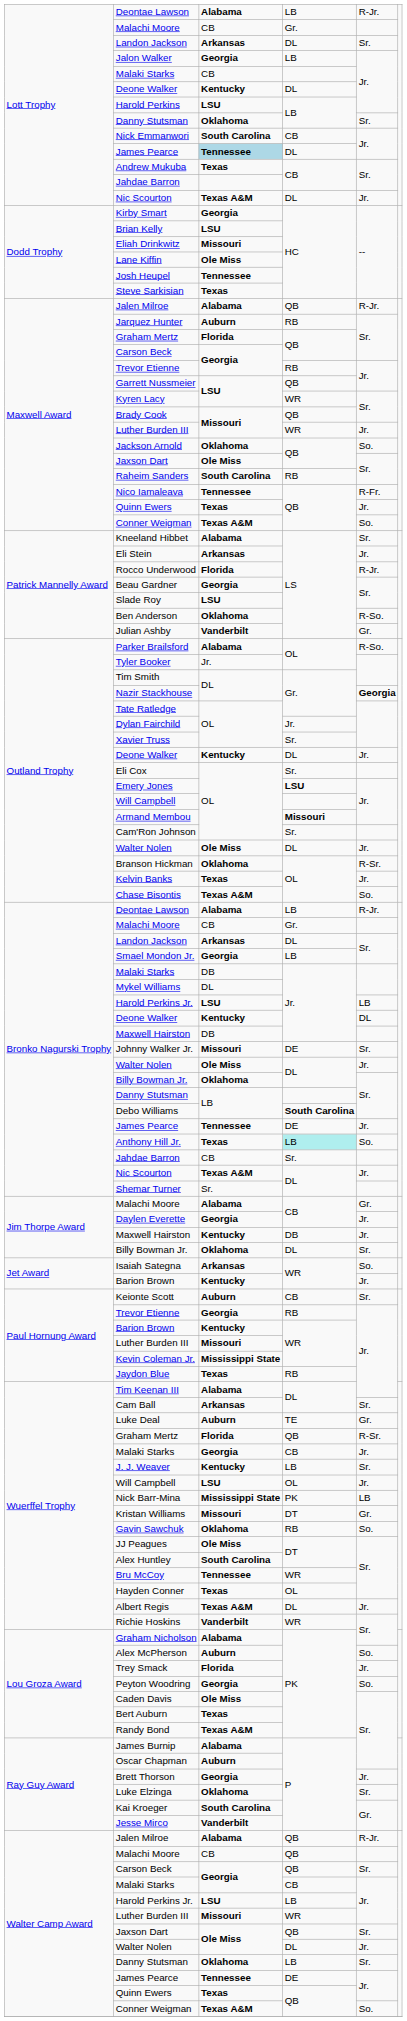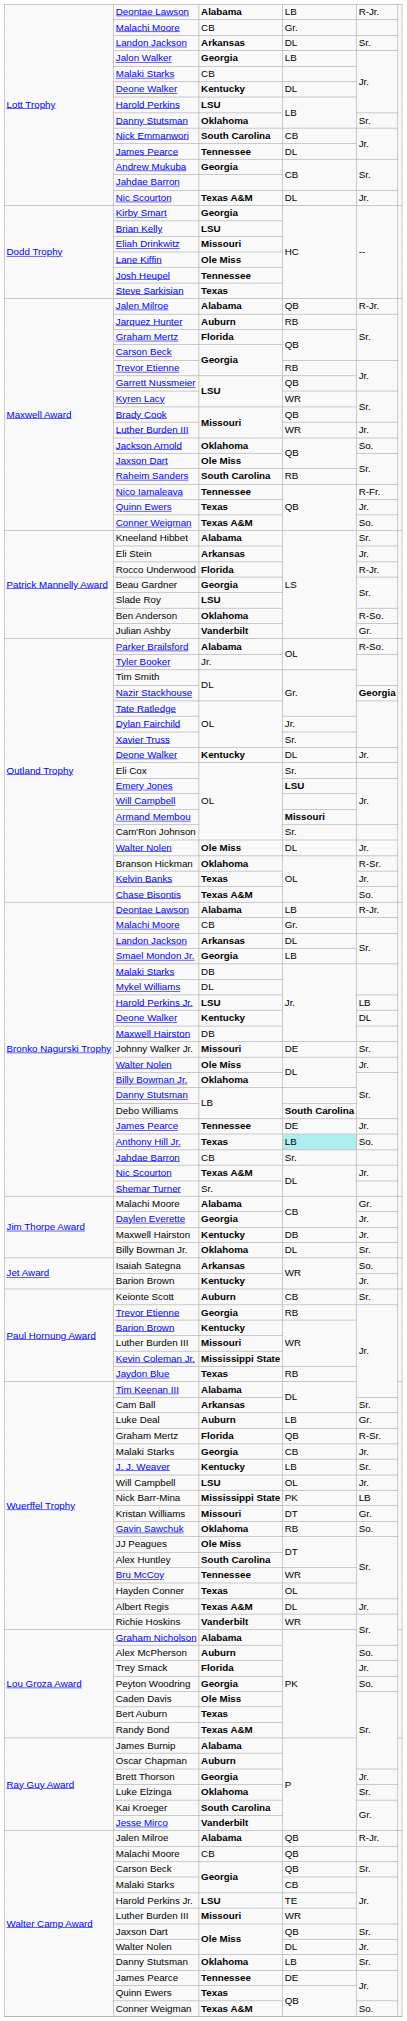 <table class="wikitable">
 <tr>
 <td rowspan=13><a href='#'>Lott Trophy</a></td>
 <td><a href='#'>Deontae Lawson</a></td>
 <td><strong>Alabama</strong></td>
 <td>LB</td>
 <td>R-Jr.</td>
 <td rowspan=13></td>
 </tr>
 <tr>
 <td><a href='#'>Malachi Moore</a></td>
 <td>CB</td>
 <td>Gr.</td>
 </tr>
 <tr>
 <td><a href='#'>Landon Jackson</a></td>
 <td><strong>Arkansas</strong></td>
 <td>DL</td>
 <td>Sr.</td>
 </tr>
 <tr>
 <td><a href='#'>Jalon Walker</a></td>
 <td><strong>Georgia</strong></td>
 <td>LB</td>
 <td rowspan=4>Jr.</td>
 </tr>
 <tr>
 <td><a href='#'>Malaki Starks</a></td>
 <td>CB</td>
 </tr>
 <tr>
 <td><a href='#'>Deone Walker</a></td>
 <td><strong>Kentucky</strong></td>
 <td>DL</td>
 </tr>
 <tr>
 <td><a href='#'>Harold Perkins</a></td>
 <td><strong>LSU</strong></td>
 <td rowspan=2>LB</td>
 </tr>
 <tr>
 <td><a href='#'>Danny Stutsman</a></td>
 <td><strong>Oklahoma</strong></td>
 <td>Sr.</td>
 </tr>
 <tr>
 <td><a href='#'>Nick Emmanwori</a></td>
 <td><strong>South Carolina</strong></td>
 <td>CB</td>
 <td rowspan=2>Jr.</td>
 </tr>
 <tr>
 <td><a href='#'>James Pearce</a></td>
-<td style="background: lightblue;"><strong>Tennessee</strong></td>
+<td><strong>Tennessee</strong></td>
 <td>DL</td>
 </tr>
 <tr>
 <td><a href='#'>Andrew Mukuba</a></td>
-<td><strong>Texas</strong></td>
+<td><strong>Georgia</strong></td>
 <td rowspan=2>CB</td>
 <td rowspan=2>Sr.</td>
 </tr>
 <tr>
 <td><a href='#'>Jahdae Barron</a></td>
 </tr>
 <tr>
 <td><a href='#'>Nic Scourton</a></td>
 <td><strong>Texas A&M</strong></td>
 <td>DL</td>
 <td>Jr.</td>
 </tr>
 <tr>
 <td rowspan=6><a href='#'>Dodd Trophy</a></td>
 <td><a href='#'>Kirby Smart</a></td>
 <td><strong>Georgia</strong></td>
 <td rowspan=6>HC</td>
 <td rowspan=6>--</td>
 <td rowspan=6></td>
 </tr>
 <tr>
 <td><a href='#'>Brian Kelly</a></td>
 <td><strong>LSU</strong></td>
 </tr>
 <tr>
 <td><a href='#'>Eliah Drinkwitz</a></td>
 <td><strong>Missouri</strong></td>
 </tr>
 <tr>
 <td><a href='#'>Lane Kiffin</a></td>
 <td><strong>Ole Miss</strong></td>
 </tr>
 <tr>
 <td><a href='#'>Josh Heupel</a></td>
 <td><strong>Tennessee</strong></td>
 </tr>
 <tr>
 <td><a href='#'>Steve Sarkisian</a></td>
 <td><strong>Texas</strong></td>
 </tr>
 <tr>
 <td rowspan=15><a href='#'>Maxwell Award</a></td>
 <td><a href='#'>Jalen Milroe</a></td>
 <td><strong>Alabama</strong></td>
 <td>QB</td>
 <td>R-Jr.</td>
 <td rowspan=15></td>
 </tr>
 <tr>
 <td><a href='#'>Jarquez Hunter</a></td>
 <td><strong>Auburn</strong></td>
 <td>RB</td>
 <td rowspan=3>Sr.</td>
 </tr>
 <tr>
 <td><a href='#'>Graham Mertz</a></td>
 <td><strong>Florida</strong></td>
 <td rowspan=2>QB</td>
 </tr>
 <tr>
 <td><a href='#'>Carson Beck</a></td>
 <td rowspan=2><strong>Georgia</strong></td>
 </tr>
 <tr>
 <td><a href='#'>Trevor Etienne</a></td>
 <td>RB</td>
 <td rowspan=2>Jr.</td>
 </tr>
 <tr>
 <td><a href='#'>Garrett Nussmeier</a></td>
 <td rowspan=2><strong>LSU</strong></td>
 <td>QB</td>
 </tr>
 <tr>
 <td><a href='#'>Kyren Lacy</a></td>
 <td>WR</td>
 <td rowspan=2>Sr.</td>
 </tr>
 <tr>
 <td><a href='#'>Brady Cook</a></td>
 <td rowspan=2><strong>Missouri</strong></td>
 <td>QB</td>
 </tr>
 <tr>
 <td><a href='#'>Luther Burden III</a></td>
 <td>WR</td>
 <td>Jr.</td>
 </tr>
 <tr>
 <td><a href='#'>Jackson Arnold</a></td>
 <td><strong>Oklahoma</strong></td>
 <td rowspan=2>QB</td>
 <td>So.</td>
 </tr>
 <tr>
 <td><a href='#'>Jaxson Dart</a></td>
 <td><strong>Ole Miss</strong></td>
 <td rowspan=2>Sr.</td>
 </tr>
 <tr>
 <td><a href='#'>Raheim Sanders</a></td>
 <td><strong>South Carolina</strong></td>
 <td>RB</td>
 </tr>
 <tr>
 <td><a href='#'>Nico Iamaleava</a></td>
 <td><strong>Tennessee</strong></td>
 <td rowspan=3>QB</td>
 <td>R-Fr.</td>
 </tr>
 <tr>
 <td><a href='#'>Quinn Ewers</a></td>
 <td><strong>Texas</strong></td>
 <td>Jr.</td>
 </tr>
 <tr>
 <td><a href='#'>Conner Weigman</a></td>
 <td><strong>Texas A&M</strong></td>
 <td>So.</td>
 </tr>
 <tr>
 <td rowspan=7><a href='#'>Patrick Mannelly Award</a></td>
 <td>Kneeland Hibbet</td>
 <td><strong>Alabama</strong></td>
 <td rowspan=7>LS</td>
 <td>Sr.</td>
 <td rowspan=7></td>
 </tr>
 <tr>
 <td>Eli Stein</td>
 <td><strong>Arkansas</strong></td>
 <td>Jr.</td>
 </tr>
 <tr>
 <td>Rocco Underwood</td>
 <td><strong>Florida</strong></td>
 <td>R-Jr.</td>
 </tr>
 <tr>
 <td>Beau Gardner</td>
 <td><strong>Georgia</strong></td>
 <td rowspan=2>Sr.</td>
 </tr>
 <tr>
 <td>Slade Roy</td>
 <td><strong>LSU</strong></td>
 </tr>
 <tr>
 <td>Ben Anderson</td>
 <td><strong>Oklahoma</strong></td>
 <td>R-So.</td>
 </tr>
 <tr>
 <td>Julian Ashby</td>
 <td><strong>Vanderbilt</strong></td>
 <td>Gr.</td>
 </tr>
 <tr>
 <td rowspan=17><a href='#'>Outland Trophy</a></td>
 <td><a href='#'>Parker Brailsford</a></td>
 <td><strong>Alabama</strong></td>
 <td rowspan=2>OL</td>
 <td>R-So.</td>
 <td rowspan=17></td>
 </tr>
 <tr>
 <td><a href='#'>Tyler Booker</a></td>
 <td>Jr.</td>
 </tr>
 <tr>
 <td>Tim Smith</td>
 <td rowspan=2>DL</td>
 <td rowspan=3>Gr.</td>
 </tr>
 <tr>
 <td><a href='#'>Nazir Stackhouse</a></td>
 <td><strong>Georgia</strong></td>
 </tr>
 <tr>
 <td><a href='#'>Tate Ratledge</a></td>
 <td rowspan=3>OL</td>
 </tr>
 <tr>
 <td><a href='#'>Dylan Fairchild</a></td>
 <td>Jr.</td>
 </tr>
 <tr>
 <td><a href='#'>Xavier Truss</a></td>
 <td>Sr.</td>
 </tr>
 <tr>
 <td><a href='#'>Deone Walker</a></td>
 <td><strong>Kentucky</strong></td>
 <td>DL</td>
 <td>Jr.</td>
 </tr>
 <tr>
 <td>Eli Cox</td>
 <td rowspan=5>OL</td>
 <td>Sr.</td>
 </tr>
 <tr>
 <td><a href='#'>Emery Jones</a></td>
 <td><strong>LSU</strong></td>
 <td rowspan=3>Jr.</td>
 </tr>
 <tr>
 <td><a href='#'>Will Campbell</a></td>
 </tr>
 <tr>
 <td><a href='#'>Armand Membou</a></td>
 <td><strong>Missouri</strong></td>
 </tr>
 <tr>
 <td>Cam'Ron Johnson</td>
 <td>Sr.</td>
 </tr>
 <tr>
 <td><a href='#'>Walter Nolen</a></td>
 <td><strong>Ole Miss</strong></td>
 <td>DL</td>
 <td>Jr.</td>
 </tr>
 <tr>
 <td>Branson Hickman</td>
 <td><strong>Oklahoma</strong></td>
 <td rowspan=3>OL</td>
 <td>R-Sr.</td>
 </tr>
 <tr>
 <td><a href='#'>Kelvin Banks</a></td>
 <td><strong>Texas</strong></td>
 <td>Jr.</td>
 </tr>
 <tr>
 <td><a href='#'>Chase Bisontis</a></td>
 <td><strong>Texas A&M</strong></td>
 <td>So.</td>
 </tr>
 <tr>
 <td rowspan=19><a href='#'>Bronko Nagurski Trophy</a></td>
 <td><a href='#'>Deontae Lawson</a></td>
 <td><strong>Alabama</strong></td>
 <td>LB</td>
 <td>R-Jr.</td>
 <td rowspan=19></td>
 </tr>
 <tr>
 <td><a href='#'>Malachi Moore</a></td>
 <td>CB</td>
 <td>Gr.</td>
 </tr>
 <tr>
 <td><a href='#'>Landon Jackson</a></td>
 <td><strong>Arkansas</strong></td>
 <td>DL</td>
 <td rowspan=2>Sr.</td>
 </tr>
 <tr>
 <td><a href='#'>Smael Mondon Jr.</a></td>
 <td><strong>Georgia</strong></td>
 <td>LB</td>
 </tr>
 <tr>
 <td><a href='#'>Malaki Starks</a></td>
 <td>DB</td>
 <td rowspan=5>Jr.</td>
 </tr>
 <tr>
 <td><a href='#'>Mykel Williams</a></td>
 <td>DL</td>
 </tr>
 <tr>
 <td><a href='#'>Harold Perkins Jr.</a></td>
 <td><strong>LSU</strong></td>
 <td>LB</td>
 </tr>
 <tr>
 <td><a href='#'>Deone Walker</a></td>
 <td><strong>Kentucky</strong></td>
 <td>DL</td>
 </tr>
 <tr>
 <td><a href='#'>Maxwell Hairston</a></td>
 <td>DB</td>
 </tr>
 <tr>
 <td>Johnny Walker Jr.</td>
 <td><strong>Missouri</strong></td>
 <td>DE</td>
 <td>Sr.</td>
 </tr>
 <tr>
 <td><a href='#'>Walter Nolen</a></td>
 <td><strong>Ole Miss</strong></td>
 <td rowspan=2>DL</td>
 <td>Jr.</td>
 </tr>
 <tr>
 <td><a href='#'>Billy Bowman Jr.</a></td>
 <td><strong>Oklahoma</strong></td>
 <td rowspan=3>Sr.</td>
 </tr>
 <tr>
 <td><a href='#'>Danny Stutsman</a></td>
 <td rowspan=2>LB</td>
 </tr>
 <tr>
 <td>Debo Williams</td>
 <td><strong>South Carolina</strong></td>
 </tr>
 <tr>
 <td><a href='#'>James Pearce</a></td>
 <td><strong>Tennessee</strong></td>
 <td>DE</td>
 <td>Jr.</td>
 </tr>
 <tr>
 <td><a href='#'>Anthony Hill Jr.</a></td>
 <td><strong>Texas</strong></td>
 <td style="background: paleturquoise;">LB</td>
 <td>So.</td>
 </tr>
 <tr>
 <td><a href='#'>Jahdae Barron</a></td>
 <td>CB</td>
 <td>Sr.</td>
 </tr>
 <tr>
 <td><a href='#'>Nic Scourton</a></td>
 <td><strong>Texas A&M</strong></td>
 <td rowspan=2>DL</td>
 <td>Jr.</td>
 </tr>
 <tr>
 <td><a href='#'>Shemar Turner</a></td>
 <td>Sr.</td>
 </tr>
 <tr>
 <td rowspan=4><a href='#'>Jim Thorpe Award</a></td>
 <td>Malachi Moore</td>
 <td><strong>Alabama</strong></td>
 <td rowspan=2>CB</td>
 <td>Gr.</td>
 <td rowspan=4></td>
 </tr>
 <tr>
 <td><a href='#'>Daylen Everette</a></td>
 <td><strong>Georgia</strong></td>
 <td>Jr.</td>
 </tr>
 <tr>
 <td>Maxwell Hairston</td>
 <td><strong>Kentucky</strong></td>
 <td>DB</td>
 <td>Jr.</td>
 </tr>
 <tr>
 <td>Billy Bowman Jr.</td>
 <td><strong>Oklahoma</strong></td>
 <td>DL</td>
 <td>Sr.</td>
 </tr>
 <tr>
 <td rowspan=2><a href='#'>Jet Award</a></td>
 <td>Isaiah Sategna</td>
 <td><strong>Arkansas</strong></td>
 <td rowspan=2>WR</td>
 <td>So.</td>
 <td rowspan=2></td>
 </tr>
 <tr>
 <td>Barion Brown</td>
 <td><strong>Kentucky</strong></td>
 <td>Jr.</td>
 </tr>
 <tr>
 <td rowspan=6><a href='#'>Paul Hornung Award</a></td>
 <td>Keionte Scott</td>
 <td><strong>Auburn</strong></td>
 <td>CB</td>
 <td>Sr.</td>
 <td rowspan=6></td>
 </tr>
 <tr>
 <td><a href='#'>Trevor Etienne</a></td>
 <td><strong>Georgia</strong></td>
 <td>RB</td>
 <td rowspan=6>Jr.</td>
 </tr>
 <tr>
 <td><a href='#'>Barion Brown</a></td>
 <td><strong>Kentucky</strong></td>
 <td rowspan=3>WR</td>
 </tr>
 <tr>
 <td>Luther Burden III</td>
 <td><strong>Missouri</strong></td>
 </tr>
 <tr>
 <td><a href='#'>Kevin Coleman Jr.</a></td>
 <td><strong>Mississippi State</strong></td>
 </tr>
 <tr>
 <td><a href='#'>Jaydon Blue</a></td>
 <td><strong>Texas</strong></td>
 <td>RB</td>
 </tr>
 <tr>
 <td rowspan=16><a href='#'>Wuerffel Trophy</a></td>
 <td><a href='#'>Tim Keenan III</a></td>
 <td><strong>Alabama</strong></td>
 <td rowspan=2>DL</td>
 <td rowspan=16></td>
 </tr>
 <tr>
 <td>Cam Ball</td>
 <td><strong>Arkansas</strong></td>
 <td>Sr.</td>
 </tr>
 <tr>
 <td>Luke Deal</td>
 <td><strong>Auburn</strong></td>
-<td>TE</td>
+<td>LB</td>
 <td>Gr.</td>
 </tr>
 <tr>
 <td>Graham Mertz</td>
 <td><strong>Florida</strong></td>
 <td>QB</td>
 <td>R-Sr.</td>
 </tr>
 <tr>
 <td>Malaki Starks</td>
 <td><strong>Georgia</strong></td>
 <td>CB</td>
 <td>Jr.</td>
 </tr>
 <tr>
 <td><a href='#'>J. J. Weaver</a></td>
 <td><strong>Kentucky</strong></td>
 <td>LB</td>
 <td>Sr.</td>
 </tr>
 <tr>
 <td>Will Campbell</td>
 <td><strong>LSU</strong></td>
 <td>OL</td>
 <td>Jr.</td>
 </tr>
 <tr>
 <td>Nick Barr-Mina</td>
 <td><strong>Mississippi State</strong></td>
 <td>PK</td>
 <td>LB</td>
 </tr>
 <tr>
 <td>Kristan Williams</td>
 <td><strong>Missouri</strong></td>
 <td>DT</td>
 <td>Gr.</td>
 </tr>
 <tr>
 <td><a href='#'>Gavin Sawchuk</a></td>
 <td><strong>Oklahoma</strong></td>
 <td>RB</td>
 <td>So.</td>
 </tr>
 <tr>
 <td>JJ Peagues</td>
 <td><strong>Ole Miss</strong></td>
 <td rowspan=2>DT</td>
 <td rowspan=4>Sr.</td>
 </tr>
 <tr>
 <td>Alex Huntley</td>
 <td><strong>South Carolina</strong></td>
 </tr>
 <tr>
 <td><a href='#'>Bru McCoy</a></td>
 <td><strong>Tennessee</strong></td>
 <td>WR</td>
 </tr>
 <tr>
 <td>Hayden Conner</td>
 <td><strong>Texas</strong></td>
 <td>OL</td>
 </tr>
 <tr>
 <td>Albert Regis</td>
 <td><strong>Texas A&M</strong></td>
 <td>DL</td>
 <td>Jr.</td>
 </tr>
 <tr>
 <td>Richie Hoskins</td>
 <td><strong>Vanderbilt</strong></td>
 <td>WR</td>
 <td rowspan=2>Sr.</td>
 </tr>
 <tr>
 <td rowspan=7><a href='#'>Lou Groza Award</a></td>
 <td><a href='#'>Graham Nicholson</a></td>
 <td><strong>Alabama</strong></td>
 <td rowspan=7>PK</td>
 <td rowspan=7></td>
 </tr>
 <tr>
 <td>Alex McPherson</td>
 <td><strong>Auburn</strong></td>
 <td>So.</td>
 </tr>
 <tr>
 <td>Trey Smack</td>
 <td><strong>Florida</strong></td>
 <td>Jr.</td>
 </tr>
 <tr>
 <td>Peyton Woodring</td>
 <td><strong>Georgia</strong></td>
 <td>So.</td>
 </tr>
 <tr>
 <td>Caden Davis</td>
 <td><strong>Ole Miss</strong></td>
 <td rowspan=5>Sr.</td>
 </tr>
 <tr>
 <td>Bert Auburn</td>
 <td><strong>Texas</strong></td>
 </tr>
 <tr>
 <td>Randy Bond</td>
 <td><strong>Texas A&M</strong></td>
 </tr>
 <tr>
 <td rowspan=6><a href='#'>Ray Guy Award</a></td>
 <td>James Burnip</td>
 <td><strong>Alabama</strong></td>
 <td rowspan=6>P</td>
 <td rowspan=6></td>
 </tr>
 <tr>
 <td>Oscar Chapman</td>
 <td><strong>Auburn</strong></td>
 </tr>
 <tr>
 <td>Brett Thorson</td>
 <td><strong>Georgia</strong></td>
 <td>Jr.</td>
 </tr>
 <tr>
 <td>Luke Elzinga</td>
 <td><strong>Oklahoma</strong></td>
 <td>Sr.</td>
 </tr>
 <tr>
 <td>Kai Kroeger</td>
 <td><strong>South Carolina</strong></td>
 <td rowspan=2>Gr.</td>
 </tr>
 <tr>
 <td><a href='#'>Jesse Mirco</a></td>
 <td><strong>Vanderbilt</strong></td>
 </tr>
 <tr>
 <td rowspan=12><a href='#'>Walter Camp Award</a></td>
 <td>Jalen Milroe</td>
 <td><strong>Alabama</strong></td>
 <td>QB</td>
 <td>R-Jr.</td>
 <td rowspan=12></td>
 </tr>
 <tr>
 <td>Malachi Moore</td>
 <td>CB</td>
 <td>QB</td>
 </tr>
 <tr>
 <td>Carson Beck</td>
 <td rowspan=2><strong>Georgia</strong></td>
 <td>QB</td>
 <td>Sr.</td>
 </tr>
 <tr>
 <td>Malaki Starks</td>
 <td>CB</td>
 <td rowspan=3>Jr.</td>
 </tr>
 <tr>
 <td>Harold Perkins Jr.</td>
 <td><strong>LSU</strong></td>
-<td>LB</td>
+<td>TE</td>
 </tr>
 <tr>
 <td>Luther Burden III</td>
 <td><strong>Missouri</strong></td>
 <td>WR</td>
 </tr>
 <tr>
 <td>Jaxson Dart</td>
 <td rowspan=2><strong>Ole Miss</strong></td>
 <td>QB</td>
 <td>Sr.</td>
 </tr>
 <tr>
 <td>Walter Nolen</td>
 <td>DL</td>
 <td>Jr.</td>
 </tr>
 <tr>
 <td>Danny Stutsman</td>
 <td><strong>Oklahoma</strong></td>
 <td>LB</td>
 <td>Sr.</td>
 </tr>
 <tr>
 <td>James Pearce</td>
 <td><strong>Tennessee</strong></td>
 <td>DE</td>
 <td rowspan=2>Jr.</td>
 </tr>
 <tr>
 <td>Quinn Ewers</td>
 <td><strong>Texas</strong></td>
 <td rowspan=2>QB</td>
 </tr>
 <tr>
 <td>Conner Weigman</td>
 <td><strong>Texas A&M</strong></td>
 <td>So.</td>
 </tr>
 <tr>
 </tr>
 </table>
